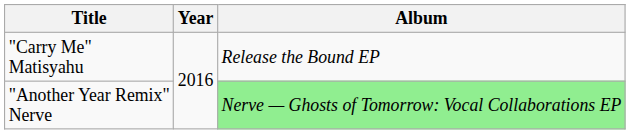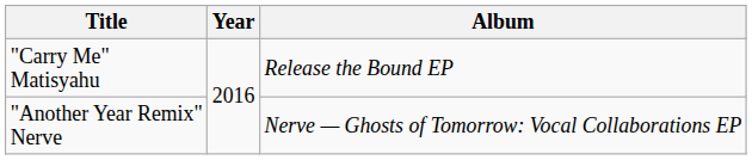 <table class="wikitable">
 <tr>
 <th>Title</th>
 <th>Year</th>
 <th>Album</th>
 </tr>
 <tr>
 <td>"Carry Me"<br>Matisyahu</td>
 <td rowspan="2">2016</td>
 <td><em>Release the Bound EP</em></td>
 </tr>
 <tr>
 <td>"Another Year Remix"<br>Nerve</td>
-<td style="background: lightgreen;"><em>Nerve — Ghosts of Tomorrow: Vocal Collaborations EP</em></td>
+<td><em>Nerve — Ghosts of Tomorrow: Vocal Collaborations EP</em></td>
 </tr>
 </table>
